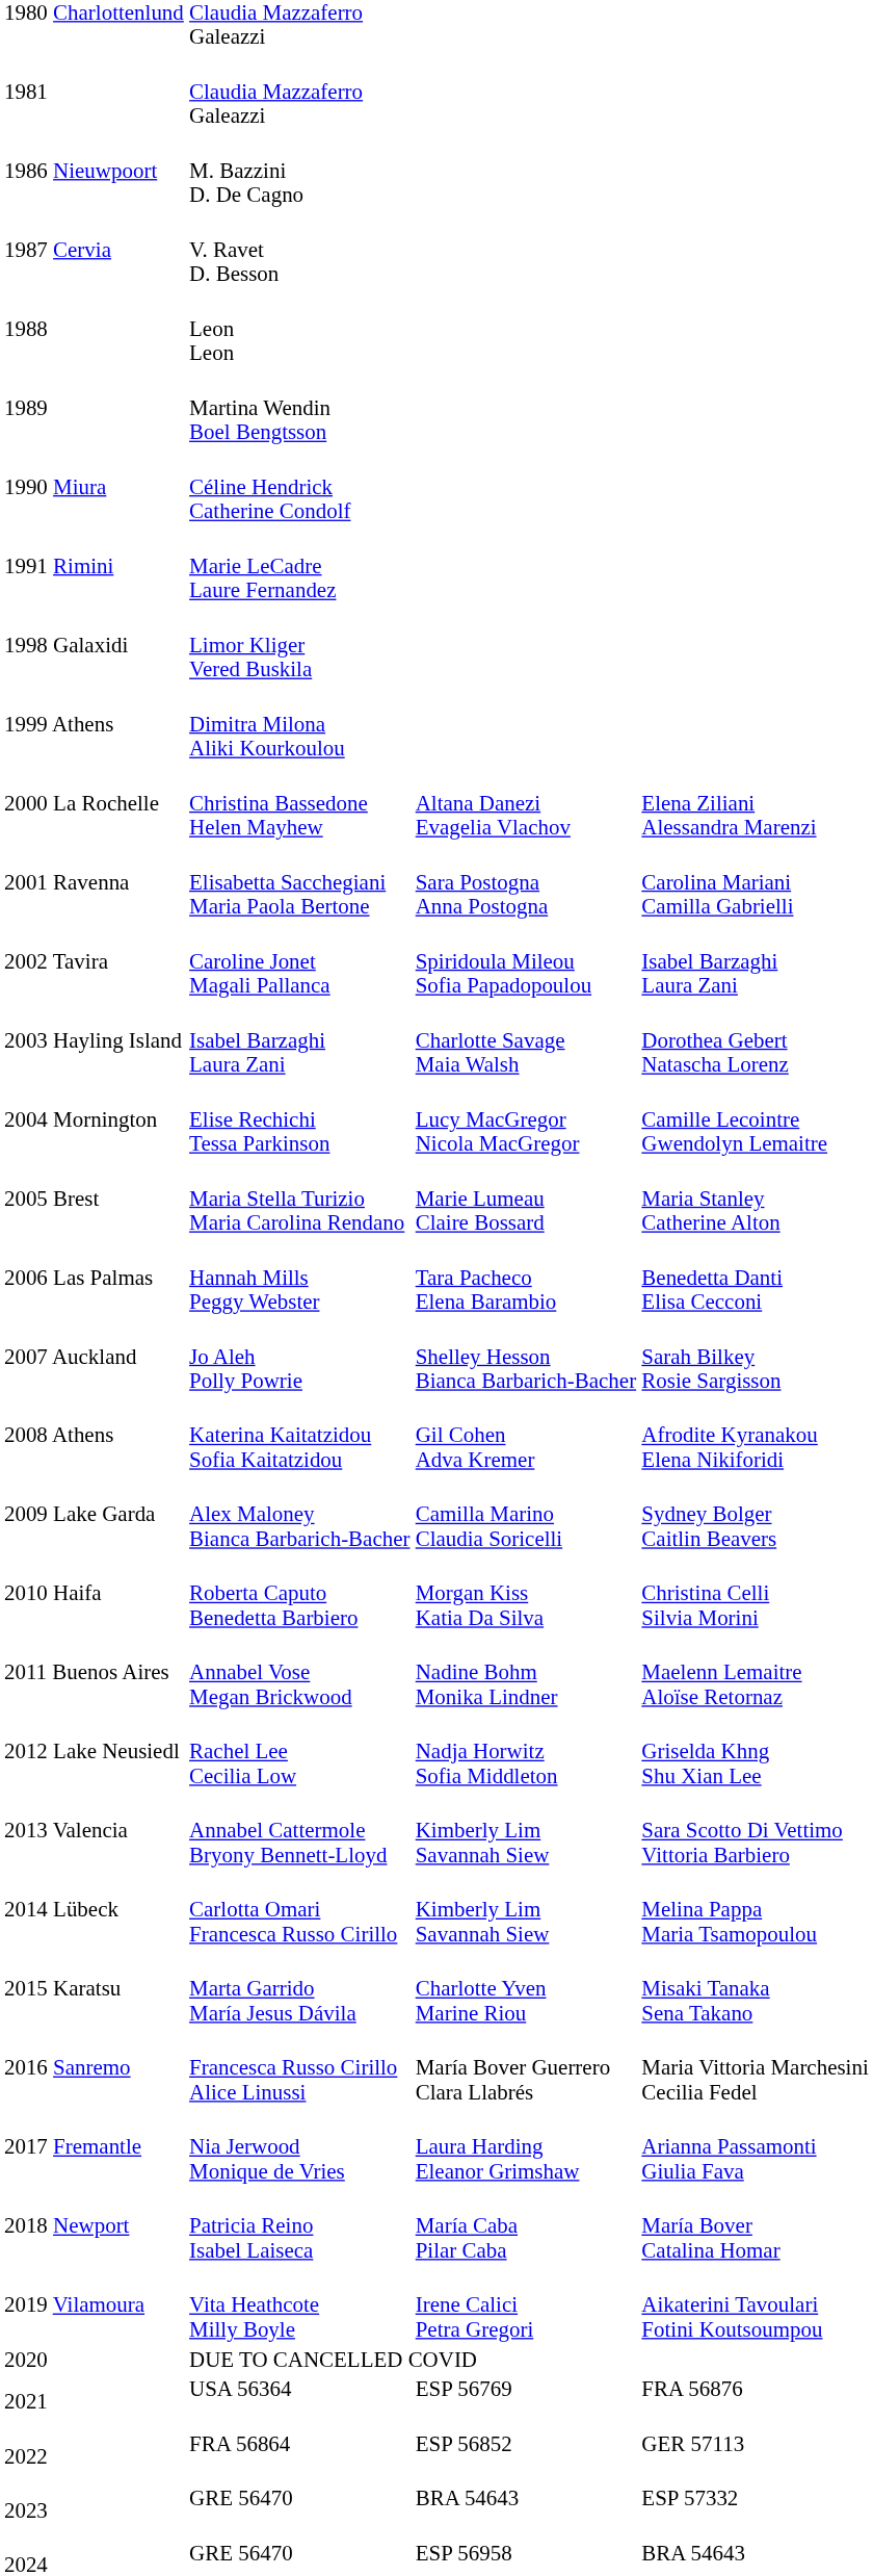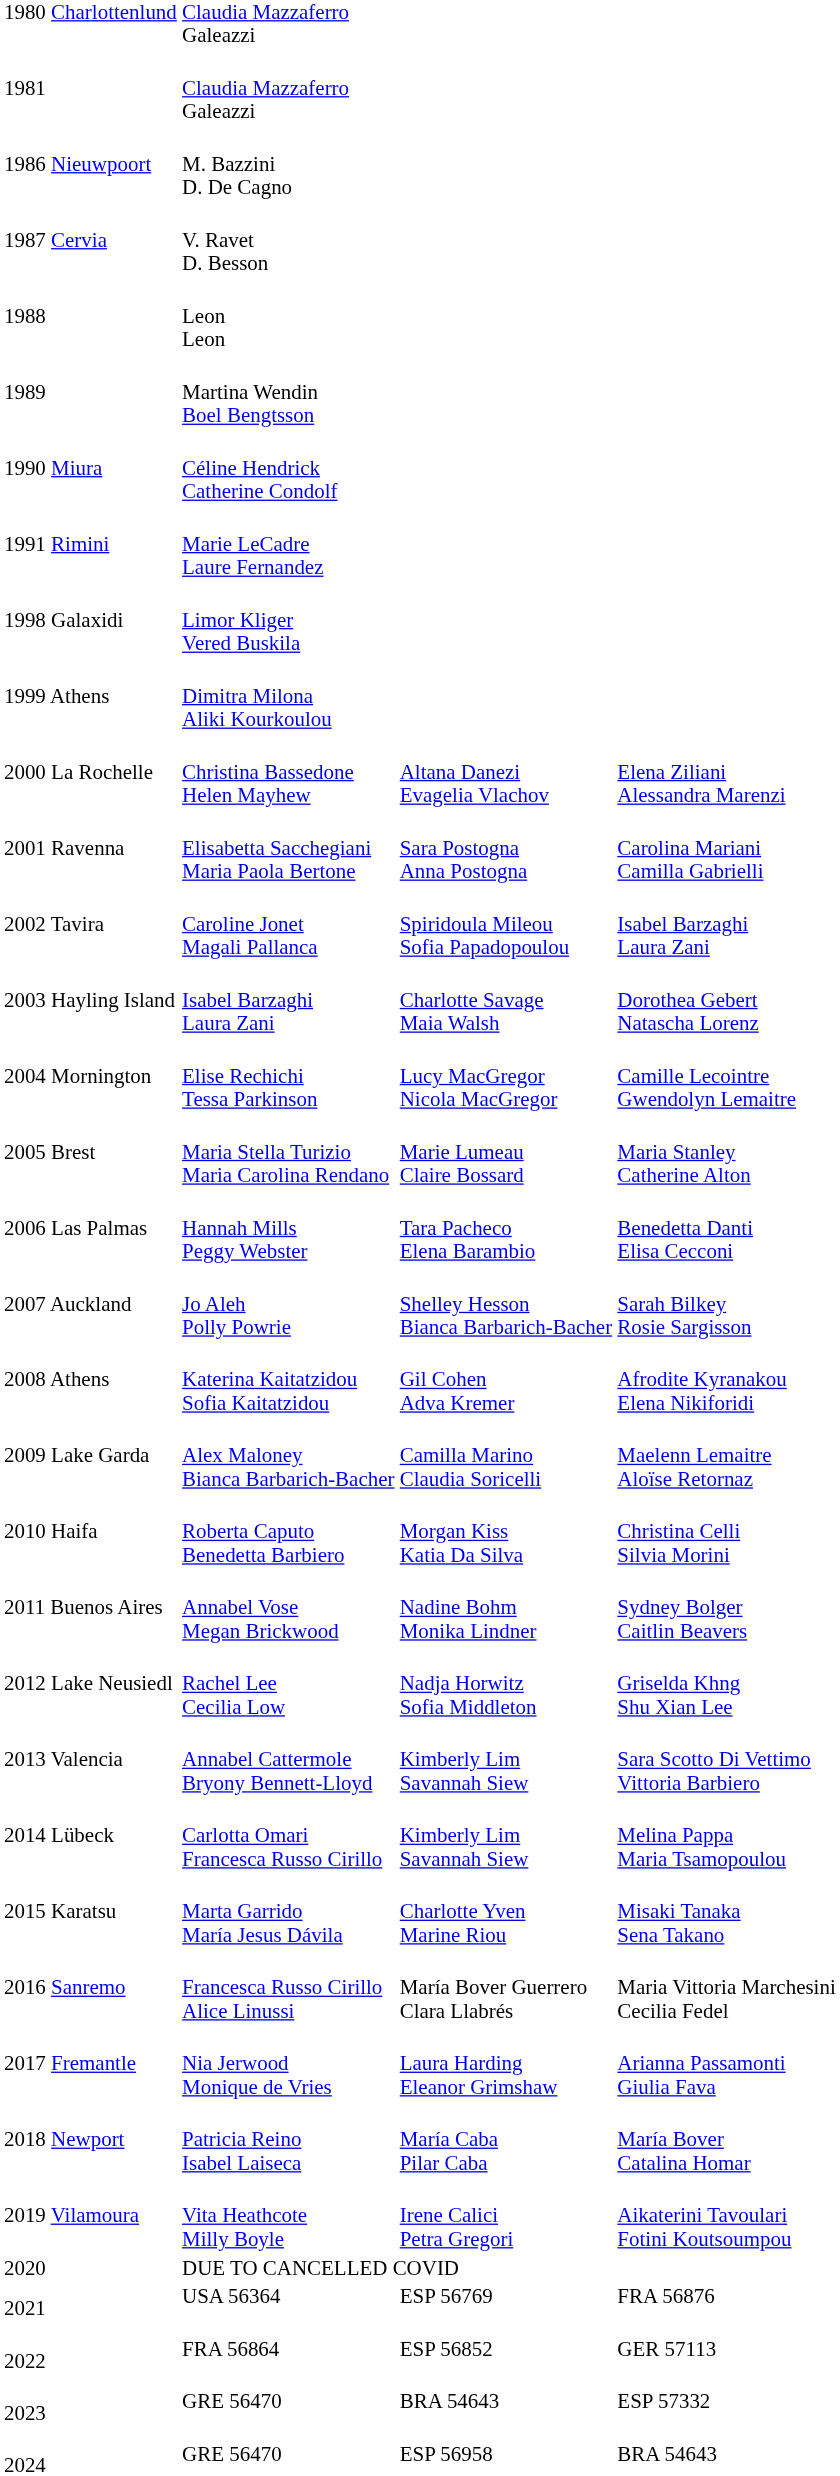 <table>
 <tr>
 <td>1980 <a href='#'>Charlottenlund</a></td>
 <td><br><a href='#'>Claudia Mazzaferro</a><br>Galeazzi</td>
 <td></td>
 <td></td>
 </tr>
 <tr>
 <td>1981</td>
 <td><br><a href='#'>Claudia Mazzaferro</a><br>Galeazzi</td>
 <td></td>
 <td></td>
 </tr>
 <tr>
 <td>1986 <a href='#'>Nieuwpoort</a></td>
 <td><br>M. Bazzini<br>D. De Cagno</td>
 <td></td>
 <td></td>
 </tr>
 <tr>
 <td>1987 <a href='#'>Cervia</a></td>
 <td><br>V. Ravet<br>D. Besson</td>
 <td></td>
 <td></td>
 </tr>
 <tr>
 <td>1988</td>
 <td><br>Leon<br>Leon</td>
 <td></td>
 <td></td>
 </tr>
 <tr>
 <td>1989</td>
 <td><br>Martina Wendin<br><a href='#'>Boel Bengtsson</a></td>
 <td></td>
 <td></td>
 </tr>
 <tr>
 <td>1990 <a href='#'>Miura</a></td>
 <td><br><a href='#'>Céline Hendrick</a><br><a href='#'>Catherine Condolf</a></td>
 <td></td>
 <td></td>
 </tr>
 <tr>
 <td>1991 <a href='#'>Rimini</a></td>
 <td><br><a href='#'>Marie LeCadre</a><br><a href='#'>Laure Fernandez</a></td>
 <td></td>
 <td></td>
 </tr>
 <tr>
 <td>1998 Galaxidi</td>
 <td><br><a href='#'>Limor Kliger</a><br><a href='#'>Vered Buskila</a></td>
 <td></td>
 <td></td>
 </tr>
 <tr>
 <td>1999 Athens</td>
 <td><br><a href='#'>Dimitra Milona</a><br><a href='#'>Aliki Kourkoulou</a></td>
 <td></td>
 <td></td>
 </tr>
 <tr>
 <td>2000 La Rochelle</td>
 <td><br><a href='#'>Christina Bassedone</a><br><a href='#'>Helen Mayhew</a></td>
 <td><br><a href='#'>Altana Danezi</a><br><a href='#'>Evagelia Vlachov</a></td>
 <td><br><a href='#'>Elena Ziliani</a><br><a href='#'>Alessandra Marenzi</a></td>
 </tr>
 <tr>
 <td>2001 Ravenna</td>
 <td><br><a href='#'>Elisabetta Sacchegiani</a><br><a href='#'>Maria Paola Bertone</a></td>
 <td><br><a href='#'>Sara Postogna</a><br><a href='#'>Anna Postogna</a></td>
 <td><br><a href='#'>Carolina Mariani</a><br><a href='#'>Camilla Gabrielli</a></td>
 </tr>
 <tr>
 <td>2002 Tavira</td>
 <td><br><a href='#'>Caroline Jonet</a><br><a href='#'>Magali Pallanca</a></td>
 <td><br><a href='#'>Spiridoula Mileou</a><br><a href='#'>Sofia Papadopoulou</a></td>
 <td><br><a href='#'>Isabel Barzaghi</a><br><a href='#'>Laura Zani</a></td>
 </tr>
 <tr>
 <td>2003 Hayling Island</td>
 <td><br><a href='#'>Isabel Barzaghi</a><br><a href='#'>Laura Zani</a></td>
 <td><br><a href='#'>Charlotte Savage</a><br><a href='#'>Maia Walsh</a></td>
 <td><br><a href='#'>Dorothea Gebert</a><br><a href='#'>Natascha Lorenz</a></td>
 </tr>
 <tr>
 <td>2004 Mornington</td>
 <td><br><a href='#'>Elise Rechichi</a><br><a href='#'>Tessa Parkinson</a></td>
 <td><br><a href='#'>Lucy MacGregor</a><br><a href='#'>Nicola MacGregor</a></td>
 <td><br><a href='#'>Camille Lecointre</a><br><a href='#'>Gwendolyn Lemaitre</a></td>
 </tr>
 <tr>
 <td>2005 Brest</td>
 <td><br><a href='#'>Maria Stella Turizio</a><br><a href='#'>Maria Carolina Rendano</a></td>
 <td><br><a href='#'>Marie Lumeau</a><br><a href='#'>Claire Bossard</a></td>
 <td><br><a href='#'>Maria Stanley</a><br><a href='#'>Catherine Alton</a></td>
 </tr>
 <tr>
 <td>2006 Las Palmas</td>
 <td><br><a href='#'>Hannah Mills</a><br><a href='#'>Peggy Webster</a></td>
 <td><br><a href='#'>Tara Pacheco</a><br><a href='#'>Elena Barambio</a></td>
 <td><br><a href='#'>Benedetta Danti</a><br><a href='#'>Elisa Cecconi</a></td>
 </tr>
 <tr>
 <td>2007 Auckland</td>
 <td><br><a href='#'>Jo Aleh</a><br><a href='#'>Polly Powrie</a></td>
 <td><br><a href='#'>Shelley Hesson</a><br><a href='#'>Bianca Barbarich-Bacher</a></td>
 <td><br><a href='#'>Sarah Bilkey</a><br><a href='#'>Rosie Sargisson</a></td>
 </tr>
 <tr>
 <td>2008 Athens</td>
 <td><br><a href='#'>Katerina Kaitatzidou</a><br><a href='#'>Sofia Kaitatzidou</a></td>
 <td><br><a href='#'>Gil Cohen</a><br><a href='#'>Adva Kremer</a></td>
 <td><br><a href='#'>Afrodite Kyranakou</a><br><a href='#'>Elena Nikiforidi</a></td>
 </tr>
 <tr>
 <td>2009 Lake Garda</td>
 <td><br><a href='#'>Alex Maloney</a><br><a href='#'>Bianca Barbarich-Bacher</a></td>
 <td><br><a href='#'>Camilla Marino</a><br><a href='#'>Claudia Soricelli</a></td>
-<td><br><a href='#'>Sydney Bolger</a><br><a href='#'>Caitlin Beavers</a></td>
+<td><br><a href='#'>Maelenn Lemaitre</a><br><a href='#'>Aloïse Retornaz</a></td>
 </tr>
 <tr>
 <td>2010 Haifa</td>
 <td><br><a href='#'>Roberta Caputo</a><br><a href='#'>Benedetta Barbiero</a></td>
 <td><br><a href='#'>Morgan Kiss</a><br><a href='#'>Katia Da Silva</a></td>
 <td><br><a href='#'>Christina Celli</a><br><a href='#'>Silvia Morini</a></td>
 </tr>
 <tr>
 <td>2011 Buenos Aires</td>
 <td><br><a href='#'>Annabel Vose</a><br><a href='#'>Megan Brickwood</a></td>
 <td><br><a href='#'>Nadine Bohm</a><br><a href='#'>Monika Lindner</a></td>
-<td><br><a href='#'>Maelenn Lemaitre</a><br><a href='#'>Aloïse Retornaz</a></td>
+<td><br><a href='#'>Sydney Bolger</a><br><a href='#'>Caitlin Beavers</a></td>
 </tr>
 <tr>
 <td>2012 Lake Neusiedl</td>
 <td><br><a href='#'>Rachel Lee</a><br><a href='#'>Cecilia Low</a></td>
 <td><br><a href='#'>Nadja Horwitz</a><br><a href='#'>Sofia Middleton</a></td>
 <td><br><a href='#'>Griselda Khng</a><br><a href='#'>Shu Xian Lee</a></td>
 </tr>
 <tr>
 <td>2013 Valencia</td>
 <td><br><a href='#'>Annabel Cattermole</a><br><a href='#'>Bryony Bennett-Lloyd</a></td>
 <td><br><a href='#'>Kimberly Lim</a><br><a href='#'>Savannah Siew</a></td>
 <td><br><a href='#'>Sara Scotto Di Vettimo</a><br><a href='#'>Vittoria Barbiero</a></td>
 </tr>
 <tr>
 <td>2014 Lübeck</td>
 <td><br><a href='#'>Carlotta Omari</a><br><a href='#'>Francesca Russo Cirillo</a></td>
 <td><br><a href='#'>Kimberly Lim</a><br><a href='#'>Savannah Siew</a></td>
 <td><br><a href='#'>Melina Pappa</a><br><a href='#'>Maria Tsamopoulou</a></td>
 </tr>
 <tr>
 <td>2015 Karatsu</td>
 <td><br><a href='#'>Marta Garrido</a><br><a href='#'>María Jesus Dávila</a></td>
 <td><br><a href='#'>Charlotte Yven</a><br><a href='#'>Marine Riou</a></td>
 <td><br><a href='#'>Misaki Tanaka</a><br><a href='#'>Sena Takano</a></td>
 </tr>
 <tr>
 <td>2016 <a href='#'>Sanremo</a></td>
 <td><br><a href='#'>Francesca Russo Cirillo</a><br><a href='#'>Alice Linussi</a></td>
 <td><br>María Bover Guerrero<br>Clara Llabrés</td>
 <td><br>Maria Vittoria Marchesini<br>Cecilia Fedel</td>
 <td></td>
 </tr>
 <tr>
 <td>2017 <a href='#'>Fremantle</a></td>
 <td><br><a href='#'>Nia Jerwood</a><br><a href='#'>Monique de Vries</a></td>
 <td><br><a href='#'>Laura Harding</a><br><a href='#'>Eleanor Grimshaw</a></td>
 <td><br><a href='#'>Arianna Passamonti</a><br><a href='#'>Giulia Fava</a></td>
 <td></td>
 </tr>
 <tr>
 <td>2018 <a href='#'>Newport</a></td>
 <td><br><a href='#'>Patricia Reino</a><br><a href='#'>Isabel Laiseca</a></td>
 <td><br><a href='#'>María Caba</a><br><a href='#'>Pilar Caba</a></td>
 <td><br><a href='#'>María Bover</a><br><a href='#'>Catalina Homar</a></td>
 <td></td>
 </tr>
 <tr>
 <td>2019 <a href='#'>Vilamoura</a></td>
 <td><br><a href='#'>Vita Heathcote</a><br><a href='#'>Milly Boyle</a></td>
 <td><br><a href='#'>Irene Calici</a><br><a href='#'>Petra Gregori</a></td>
 <td><br><a href='#'>Aikaterini Tavoulari</a><br><a href='#'>Fotini Koutsoumpou</a></td>
 <td></td>
 </tr>
 <tr>
 <td>2020</td>
 <td colspan=3>DUE TO CANCELLED COVID</td>
 <td></td>
 </tr>
 <tr>
 <td>2021</td>
 <td>USA 56364<br><br></td>
 <td>ESP 56769<br><br></td>
 <td>FRA 56876<br><br></td>
 <td></td>
 </tr>
 <tr>
 <td>2022</td>
 <td>FRA 56864<br><br></td>
 <td>ESP 56852<br><br></td>
 <td>GER 57113<br><br></td>
 <td></td>
 </tr>
 <tr>
 <td>2023</td>
 <td>GRE 56470<br><br></td>
 <td>BRA 54643<br><br></td>
 <td>ESP 57332<br><br></td>
 <td></td>
 </tr>
 <tr>
 <td>2024</td>
 <td>GRE 56470<br><br></td>
 <td>ESP 56958<br><br></td>
 <td>BRA 54643<br><br></td>
 <td></td>
 </tr>
 </table>
